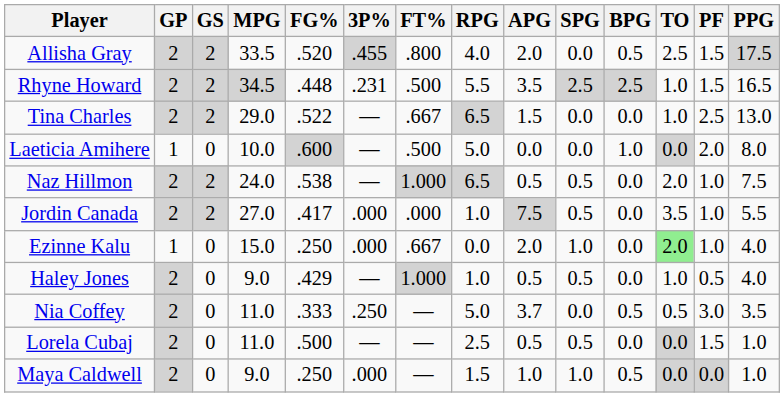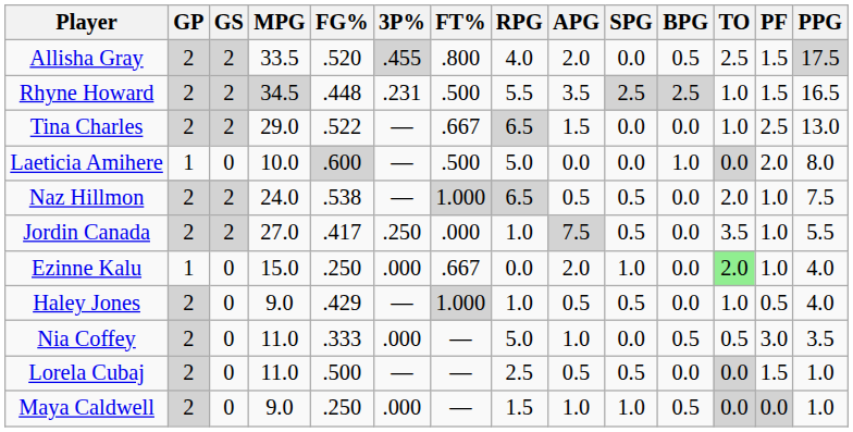 <table class="wikitable sortable" style="text-align:center;">
 <tr>
 <th>Player</th>
 <th>GP</th>
 <th>GS</th>
 <th>MPG</th>
 <th>FG%</th>
 <th>3P%</th>
 <th>FT%</th>
 <th>RPG</th>
 <th>APG</th>
 <th>SPG</th>
 <th>BPG</th>
 <th>TO</th>
 <th>PF</th>
 <th>PPG</th>
 </tr>
 <tr>
 <td><a href='#'>Allisha Gray</a></td>
 <td style="background:#D3D3D3;">2</td>
 <td style="background:#D3D3D3;">2</td>
 <td>33.5</td>
 <td>.520</td>
 <td style="background:#D3D3D3;">.455</td>
 <td>.800</td>
 <td>4.0</td>
 <td>2.0</td>
 <td>0.0</td>
 <td>0.5</td>
 <td>2.5</td>
 <td>1.5</td>
 <td style="background:#D3D3D3;">17.5</td>
 </tr>
 <tr>
 <td><a href='#'>Rhyne Howard</a></td>
 <td style="background:#D3D3D3;">2</td>
 <td style="background:#D3D3D3;">2</td>
 <td style="background:#D3D3D3;">34.5</td>
 <td>.448</td>
 <td>.231</td>
 <td>.500</td>
 <td>5.5</td>
 <td>3.5</td>
 <td style="background:#D3D3D3;">2.5</td>
 <td style="background:#D3D3D3;">2.5</td>
 <td>1.0</td>
 <td>1.5</td>
 <td>16.5</td>
 </tr>
 <tr>
 <td><a href='#'>Tina Charles</a></td>
 <td style="background:#D3D3D3;">2</td>
 <td style="background:#D3D3D3;">2</td>
 <td>29.0</td>
 <td>.522</td>
 <td>—</td>
 <td>.667</td>
 <td style="background:#D3D3D3;">6.5</td>
 <td>1.5</td>
 <td>0.0</td>
 <td>0.0</td>
 <td>1.0</td>
 <td>2.5</td>
 <td>13.0</td>
 </tr>
 <tr>
 <td><a href='#'>Laeticia Amihere</a></td>
 <td>1</td>
 <td>0</td>
 <td>10.0</td>
 <td style="background:#D3D3D3;">.600</td>
 <td>—</td>
 <td>.500</td>
 <td>5.0</td>
 <td>0.0</td>
 <td>0.0</td>
 <td>1.0</td>
 <td style="background:#D3D3D3;">0.0</td>
 <td>2.0</td>
 <td>8.0</td>
 </tr>
 <tr>
 <td><a href='#'>Naz Hillmon</a></td>
 <td style="background:#D3D3D3;">2</td>
 <td style="background:#D3D3D3;">2</td>
 <td>24.0</td>
 <td>.538</td>
 <td>—</td>
 <td style="background:#D3D3D3;">1.000</td>
 <td style="background:#D3D3D3;">6.5</td>
 <td>0.5</td>
 <td>0.5</td>
 <td>0.0</td>
 <td>2.0</td>
 <td>1.0</td>
 <td>7.5</td>
 </tr>
 <tr>
 <td><a href='#'>Jordin Canada</a></td>
 <td style="background:#D3D3D3;">2</td>
 <td style="background:#D3D3D3;">2</td>
 <td>27.0</td>
 <td>.417</td>
-<td>.000</td>
+<td>.250</td>
 <td>.000</td>
 <td>1.0</td>
 <td style="background:#D3D3D3;">7.5</td>
 <td>0.5</td>
 <td>0.0</td>
 <td>3.5</td>
 <td>1.0</td>
 <td>5.5</td>
 </tr>
 <tr>
 <td><a href='#'>Ezinne Kalu</a></td>
 <td>1</td>
 <td>0</td>
 <td>15.0</td>
 <td>.250</td>
 <td>.000</td>
 <td>.667</td>
 <td>0.0</td>
 <td>2.0</td>
 <td>1.0</td>
 <td>0.0</td>
 <td style="background: lightgreen;">2.0</td>
 <td>1.0</td>
 <td>4.0</td>
 </tr>
 <tr>
 <td><a href='#'>Haley Jones</a></td>
 <td style="background:#D3D3D3;">2</td>
 <td>0</td>
 <td>9.0</td>
 <td>.429</td>
 <td>—</td>
 <td style="background:#D3D3D3;">1.000</td>
 <td>1.0</td>
 <td>0.5</td>
 <td>0.5</td>
 <td>0.0</td>
 <td>1.0</td>
 <td>0.5</td>
 <td>4.0</td>
 </tr>
 <tr>
 <td><a href='#'>Nia Coffey</a></td>
 <td style="background:#D3D3D3;">2</td>
 <td>0</td>
 <td>11.0</td>
 <td>.333</td>
-<td>.250</td>
+<td>.000</td>
 <td>—</td>
 <td>5.0</td>
-<td>3.7</td>
+<td>1.0</td>
 <td>0.0</td>
 <td>0.5</td>
 <td>0.5</td>
 <td>3.0</td>
 <td>3.5</td>
 </tr>
 <tr>
 <td><a href='#'>Lorela Cubaj</a></td>
 <td style="background:#D3D3D3;">2</td>
 <td>0</td>
 <td>11.0</td>
 <td>.500</td>
 <td>—</td>
 <td>—</td>
 <td>2.5</td>
 <td>0.5</td>
 <td>0.5</td>
 <td>0.0</td>
 <td style="background:#D3D3D3;">0.0</td>
 <td>1.5</td>
 <td>1.0</td>
 </tr>
 <tr>
 <td><a href='#'>Maya Caldwell</a></td>
 <td style="background:#D3D3D3;">2</td>
 <td>0</td>
 <td>9.0</td>
 <td>.250</td>
 <td>.000</td>
 <td>—</td>
 <td>1.5</td>
 <td>1.0</td>
 <td>1.0</td>
 <td>0.5</td>
 <td style="background:#D3D3D3;">0.0</td>
 <td style="background:#D3D3D3;">0.0</td>
 <td>1.0</td>
 </tr>
 </table>
